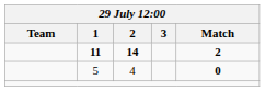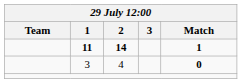 <table class=wikitable style="text-align:center; width: 55%">
 <tr>
 <th colspan=10><em>29 July 12:00</em></th>
 </tr>
 <tr>
 <th>Team</th>
 <th>1</th>
 <th>2</th>
 <th>3</th>
 <th>Match</th>
 </tr>
 <tr>
 <td align=left><strong><br></strong></td>
 <td><strong>11</strong></td>
 <td><strong>14</strong></td>
 <td></td>
-<td><strong>2</strong></td>
+<td><strong>1</strong></td>
 </tr>
 <tr>
 <td align=left><br></td>
-<td>5</td>
+<td>3</td>
 <td>4</td>
 <td></td>
 <td><strong>0</strong></td>
 </tr>
 <tr>
 <td colspan=10></td>
 </tr>
 </table>
